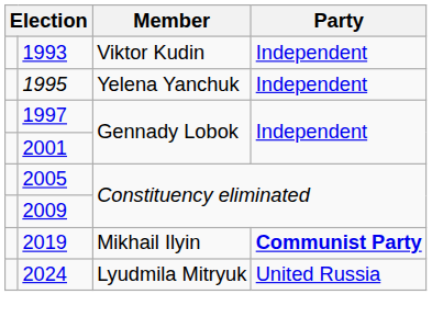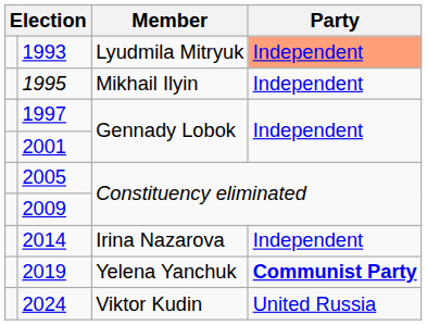 <table class="wikitable">
 <tr>
 <th colspan="2">Election</th>
 <th>Member</th>
 <th>Party</th>
 </tr>
 <tr>
 <td style="background-color:"></td>
 <td><a href='#'>1993</a></td>
-<td>Viktor Kudin</td>
-<td><a href='#'>Independent</a></td>
+<td>Lyudmila Mitryuk</td>
+<td style="background: lightsalmon;"><a href='#'>Independent</a></td>
 </tr>
 <tr>
 <td style="background-color:"></td>
 <td><em>1995</em></td>
-<td>Yelena Yanchuk</td>
+<td>Mikhail Ilyin</td>
 <td><a href='#'>Independent</a></td>
 </tr>
 <tr>
 <td style="background-color:"></td>
 <td><a href='#'>1997</a></td>
 <td rowspan=2>Gennady Lobok</td>
 <td rowspan=2><a href='#'>Independent</a></td>
 </tr>
 <tr>
 <td style="background-color:"></td>
 <td><a href='#'>2001</a></td>
 </tr>
 <tr>
 <td style="background-color:"></td>
 <td><a href='#'>2005</a></td>
 <td colspan=2 rowspan=2><em>Constituency eliminated</em></td>
 </tr>
 <tr>
 <td style="background-color:"></td>
 <td><a href='#'>2009</a></td>
 </tr>
 <tr>
 <td style="background-color:"></td>
+<td><a href='#'>2014</a></td>
+<td>Irina Nazarova</td>
+<td><a href='#'>Independent</a></td>
+</tr>
+<tr>
+<td style="background-color:"></td>
 <td><a href='#'>2019</a></td>
-<td>Mikhail Ilyin</td>
+<td>Yelena Yanchuk</td>
 <td><strong><a href='#'>Communist Party</a></strong></td>
 </tr>
 <tr>
 <td style="background-color:"></td>
 <td><a href='#'>2024</a></td>
-<td>Lyudmila Mitryuk</td>
+<td>Viktor Kudin</td>
 <td><a href='#'>United Russia</a></td>
 </tr>
 </table>
